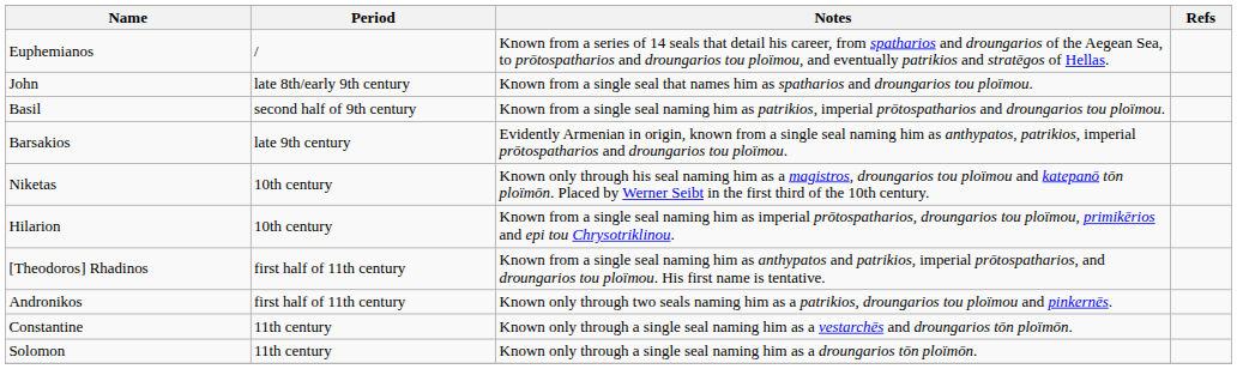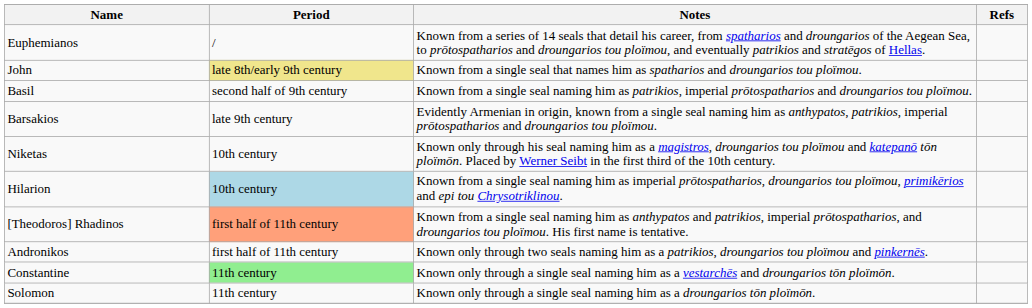 <table class="wikitable"  width="100%">
 <tr bgcolor="#FFDEAD">
 </tr>
 <tr>
 <th width="20%">Name</th>
 <th width="20%">Period</th>
 <th width="55%">Notes</th>
 <th width="5%">Refs</th>
 </tr>
 <tr>
 <td>Euphemianos</td>
 <td>/</td>
 <td>Known from a series of 14 seals that detail his career, from <em><a href='#'>spatharios</a></em> and <em>droungarios</em> of the Aegean Sea, to <em>prōtospatharios</em> and <em>droungarios tou ploïmou</em>, and eventually <em>patrikios</em> and <em>stratēgos</em> of <a href='#'>Hellas</a>.</td>
 <td></td>
 </tr>
 <tr>
 <td>John</td>
-<td>late 8th/early 9th century</td>
+<td style="background: khaki;">late 8th/early 9th century</td>
 <td>Known from a single seal that names him as <em>spatharios</em> and <em>droungarios tou ploïmou</em>.</td>
 <td></td>
 </tr>
 <tr>
 <td>Basil</td>
 <td>second half of 9th century</td>
 <td>Known from a single seal naming him as <em>patrikios</em>, imperial <em>prōtospatharios</em> and <em>droungarios tou ploïmou</em>.</td>
 <td></td>
 </tr>
 <tr>
 <td>Barsakios</td>
 <td>late 9th century</td>
 <td>Evidently Armenian in origin, known from a single seal naming him as <em>anthypatos</em>, <em>patrikios</em>, imperial <em>prōtospatharios</em> and <em>droungarios tou ploïmou</em>.</td>
 <td></td>
 </tr>
 <tr>
 <td>Niketas</td>
 <td>10th century</td>
 <td>Known only through his seal naming him as a <em><a href='#'>magistros</a></em>, <em>droungarios tou ploïmou</em> and <em><a href='#'>katepanō</a> tōn ploïmōn</em>. Placed by <a href='#'>Werner Seibt</a> in the first third of the 10th century.</td>
 <td></td>
 </tr>
 <tr>
 <td>Hilarion</td>
-<td>10th century</td>
+<td style="background: lightblue;">10th century</td>
 <td>Known from a single seal naming him as imperial <em>prōtospatharios</em>, <em>droungarios tou ploïmou</em>, <em><a href='#'>primikērios</a></em> and <em>epi tou <a href='#'>Chrysotriklinou</a></em>.</td>
 <td></td>
 </tr>
 <tr>
 <td>[Theodoros] Rhadinos</td>
-<td>first half of 11th century</td>
+<td style="background: lightsalmon;">first half of 11th century</td>
 <td>Known from a single seal naming him as <em>anthypatos</em> and <em>patrikios</em>, imperial <em>prōtospatharios</em>, and <em>droungarios tou ploïmou</em>. His first name is tentative.</td>
 <td></td>
 </tr>
 <tr>
 <td>Andronikos</td>
 <td>first half of 11th century</td>
 <td>Known only through two seals naming him as a <em>patrikios</em>, <em>droungarios tou ploïmou</em> and <em><a href='#'>pinkernēs</a></em>.</td>
 <td></td>
 </tr>
 <tr>
 <td>Constantine</td>
-<td>11th century</td>
+<td style="background: lightgreen;">11th century</td>
 <td>Known only through a single seal naming him as a <em><a href='#'>vestarchēs</a></em> and <em>droungarios tōn ploïmōn</em>.</td>
 <td></td>
 </tr>
 <tr>
 <td>Solomon</td>
 <td>11th century</td>
 <td>Known only through a single seal naming him as a <em>droungarios tōn ploïmōn</em>.</td>
 <td></td>
 </tr>
 <tr>
 </tr>
 </table>
